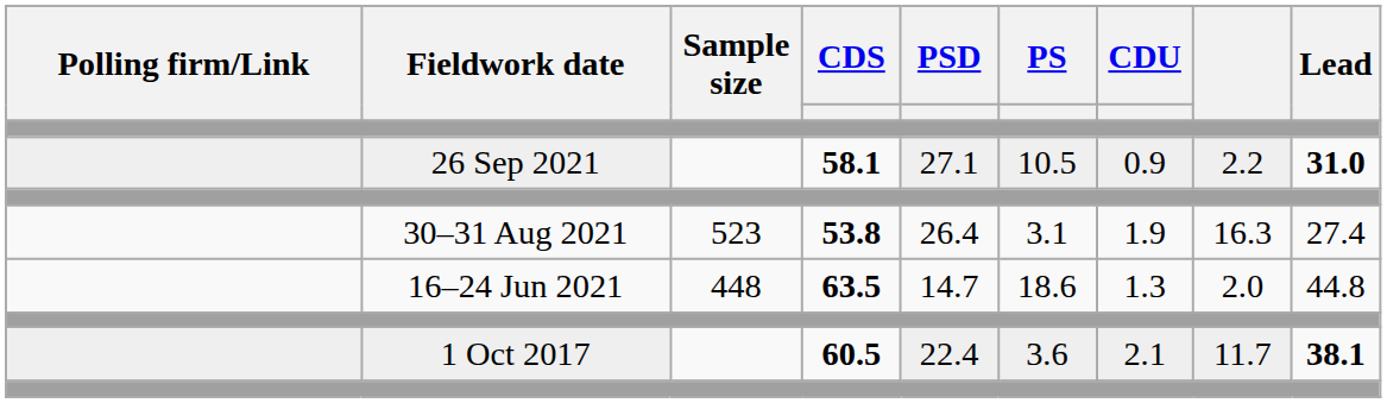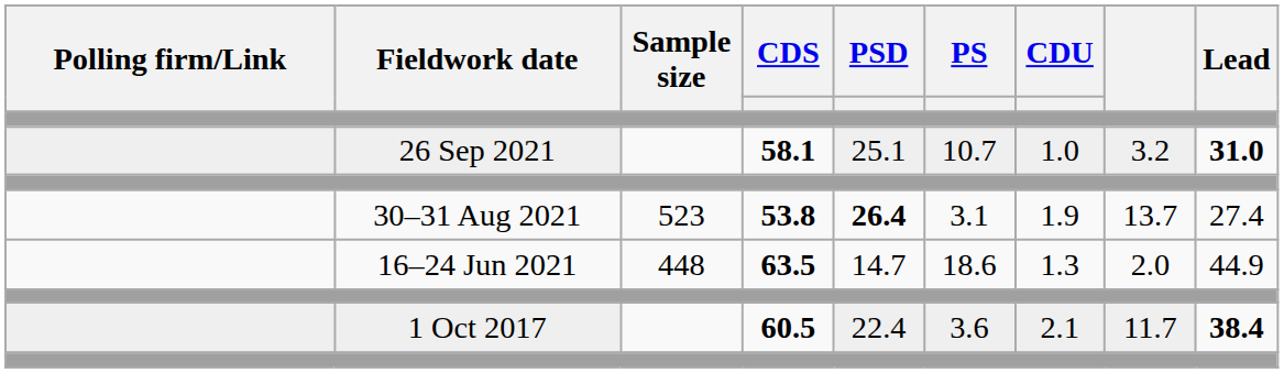 <table class="wikitable sortable mw-datatable" style="text-align:center;font-size:90%;line-height:16px;">
 <tr style="height:42px;">
 <th style="width:145px;" rowspan="2">Polling firm/Link</th>
 <th style="width:125px;" rowspan="2">Fieldwork date</th>
 <th class="unsortable" style="width:50px;" rowspan="2">Sample size</th>
 <th class="unsortable" style="width:35px;"><a href='#'>CDS</a></th>
 <th class="unsortable" style="width:35px;"><a href='#'>PSD</a></th>
 <th class="unsortable" style="width:35px;"><a href='#'>PS</a></th>
 <th class="unsortable" style="width:35px;"><a href='#'>CDU</a></th>
 <th class="unsortable" style="width:35px;" rowspan="2"></th>
 <th class="unsortable" style="width:30px;" rowspan="2">Lead</th>
 </tr>
 <tr>
 <th class="unsortable" style="color:inherit;background:"></th>
 <th class="unsortable" style="color:inherit;background:"></th>
 <th class="unsortable" style="color:inherit;background:"></th>
 <th class="unsortable" style="color:inherit;background:"></th>
 </tr>
 <tr>
 <td colspan="9" style="background:#A0A0A0"></td>
 </tr>
 <tr>
 <td style="background:#EFEFEF;"><strong></strong></td>
 <td style="background:#EFEFEF;" data-sort-value="2019-10-06">26 Sep 2021</td>
 <td></td>
 <td><strong>58.1</strong><br></td>
-<td style="background:#EFEFEF;">27.1<br></td>
-<td style="background:#EFEFEF;">10.5<br></td>
-<td style="background:#EFEFEF;">0.9<br></td>
-<td style="background:#EFEFEF;">2.2<br></td>
+<td style="background:#EFEFEF;">25.1<br></td>
+<td style="background:#EFEFEF;">10.7<br></td>
+<td style="background:#EFEFEF;">1.0<br></td>
+<td style="background:#EFEFEF;">3.2<br></td>
 <td style="background:"><strong>31.0</strong></td>
 </tr>
 <tr>
 <td colspan="9" style="background:#A0A0A0"></td>
 </tr>
 <tr>
 <td align="center"><br></td>
 <td align="center">30–31 Aug 2021</td>
 <td>523</td>
 <td align="center" ><strong>53.8</strong><br></td>
-<td align="center">26.4<br></td>
+<td align="center"><strong>26.4<br></strong></td>
 <td align="center">3.1<br></td>
 <td align="center">1.9<br></td>
-<td align="center">16.3<br></td>
+<td align="center">13.7<br></td>
 <td style="background:">27.4</td>
 </tr>
 <tr>
 <td align="center"></td>
 <td align="center">16–24 Jun 2021</td>
 <td align="center">448</td>
 <td align="center" ><strong>63.5</strong></td>
 <td align="center">14.7</td>
 <td align="center">18.6</td>
 <td align="center">1.3</td>
 <td align="center">2.0</td>
-<td style="background:">44.8</td>
+<td style="background:">44.9</td>
 </tr>
 <tr>
 <td colspan="9" style="background:#A0A0A0"></td>
 </tr>
 <tr>
 <td style="background:#EFEFEF;"><strong></strong></td>
 <td style="background:#EFEFEF;" data-sort-value="2019-10-06">1 Oct 2017</td>
 <td></td>
 <td><strong>60.5</strong><br></td>
 <td style="background:#EFEFEF;">22.4<br></td>
 <td style="background:#EFEFEF;">3.6<br></td>
 <td style="background:#EFEFEF;">2.1<br></td>
 <td style="background:#EFEFEF;">11.7<br></td>
-<td style="background:"><strong>38.1</strong></td>
+<td style="background:"><strong>38.4</strong></td>
 </tr>
 <tr>
 <td colspan="9" style="background:#A0A0A0"></td>
 </tr>
 </table>
